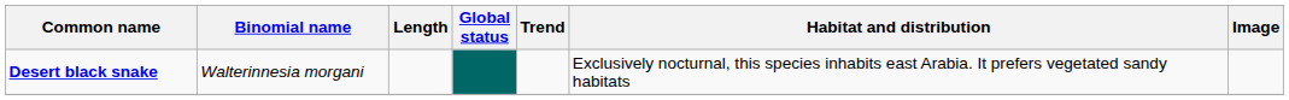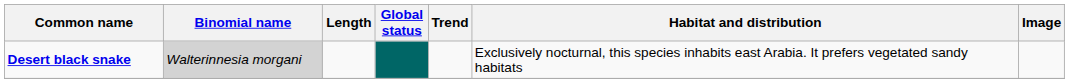 <table class="wikitable sortable">
 <tr>
 <th width="15%">Common name</th>
 <th width="15%"><a href='#'>Binomial name</a></th>
 <th width="5%">Length</th>
 <th width="5%"><a href='#'>Global status</a></th>
 <th width="1%">Trend</th>
 <th class="unsortable">Habitat and distribution</th>
 <th class="unsortable">Image</th>
 </tr>
 <tr>
 <td><strong><a href='#'>Desert black snake</a></strong> </td>
-<td><em>Walterinnesia morgani</em></td>
+<td style="background: lightgrey;"><em>Walterinnesia morgani</em></td>
 <td></td>
 <td align=center style="background: #006666"></td>
 <td align=center></td>
 <td>Exclusively nocturnal, this species inhabits east Arabia. It prefers vegetated sandy habitats</td>
 <td></td>
 </tr>
 <tr>
 </tr>
 </table>
